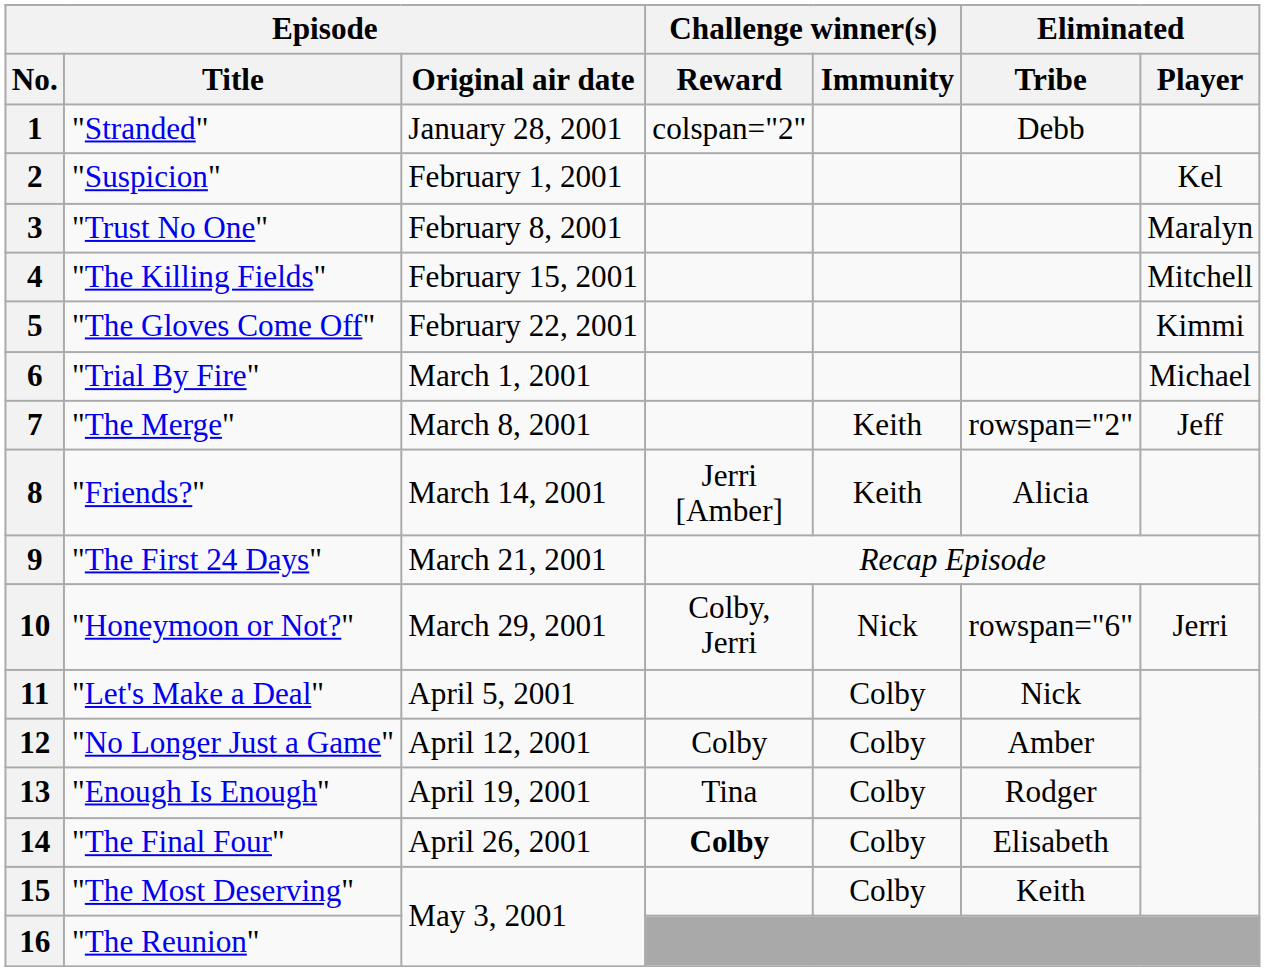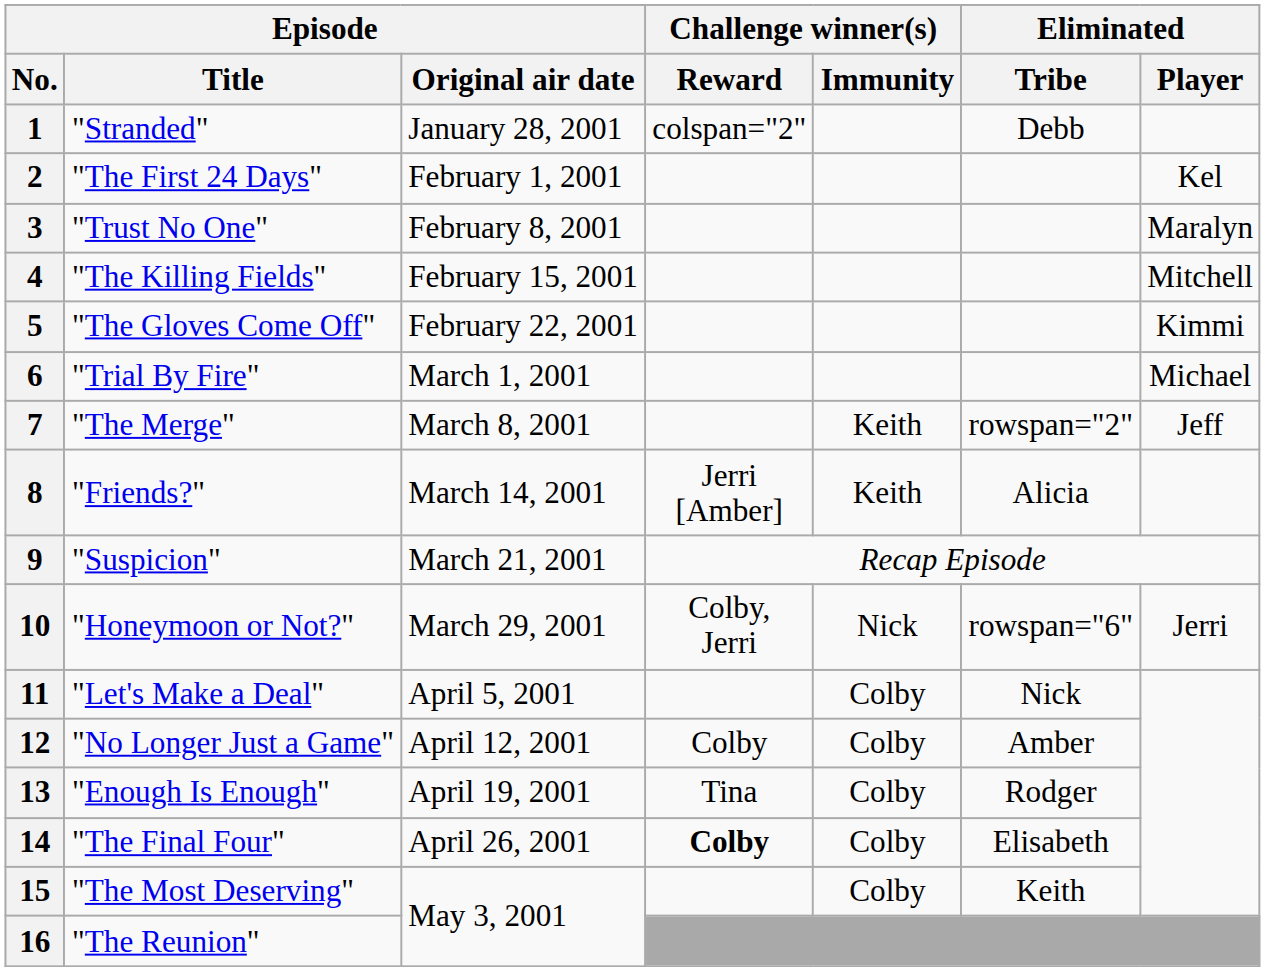 <table class="wikitable nowrap" style="margin:auto; text-align:center;">
 <tr>
 <th scope="colgroup" colspan="3">Episode</th>
 <th scope="colgroup" colspan="2">Challenge winner(s)</th>
 <th scope="colgroup" colspan="2">Eliminated</th>
 </tr>
 <tr>
 <th scope="col">No.</th>
 <th scope="col">Title</th>
 <th scope="col">Original air date</th>
 <th scope="col">Reward</th>
 <th scope="col">Immunity</th>
 <th scope="col">Tribe</th>
 <th scope="col">Player</th>
 </tr>
 <tr>
 <th>1</th>
 <td style="text-align:left;">"<a href='#'>Stranded</a>"</td>
 <td style="text-align:left;">January 28, 2001</td>
 <td>colspan="2" </td>
 <td></td>
 <td>Debb</td>
 </tr>
 <tr>
 <th>2</th>
-<td style="text-align:left;">"<a href='#'>Suspicion</a>"</td>
+<td style="text-align:left;">"<a href='#'>The First 24 Days</a>"</td>
 <td style="text-align:left;">February 1, 2001</td>
 <td></td>
 <td></td>
 <td></td>
 <td>Kel</td>
 </tr>
 <tr>
 <th>3</th>
 <td style="text-align:left;">"<a href='#'>Trust No One</a>"</td>
 <td style="text-align:left;">February 8, 2001</td>
 <td></td>
 <td></td>
 <td></td>
 <td>Maralyn</td>
 </tr>
 <tr>
 <th>4</th>
 <td style="text-align:left;">"<a href='#'>The Killing Fields</a>"</td>
 <td style="text-align:left;">February 15, 2001</td>
 <td></td>
 <td></td>
 <td></td>
 <td>Mitchell</td>
 </tr>
 <tr>
 <th>5</th>
 <td style="text-align:left;">"<a href='#'>The Gloves Come Off</a>"</td>
 <td style="text-align:left;">February 22, 2001</td>
 <td></td>
 <td></td>
 <td></td>
 <td>Kimmi</td>
 </tr>
 <tr>
 <th>6</th>
 <td style="text-align:left;">"<a href='#'>Trial By Fire</a>"</td>
 <td style="text-align:left;">March 1, 2001</td>
 <td></td>
 <td></td>
 <td></td>
 <td>Michael</td>
 </tr>
 <tr>
 <th>7</th>
 <td style="text-align:left;">"<a href='#'>The Merge</a>"</td>
 <td style="text-align:left;">March 8, 2001</td>
 <td></td>
 <td>Keith</td>
 <td>rowspan="2" </td>
 <td>Jeff</td>
 </tr>
 <tr>
 <th>8</th>
 <td style="text-align:left;">"<a href='#'>Friends?</a>"</td>
 <td style="text-align:left;">March 14, 2001</td>
 <td>Jerri<br>[Amber]</td>
 <td>Keith</td>
 <td>Alicia</td>
 </tr>
 <tr>
 <th>9</th>
-<td style="text-align:left;">"<a href='#'>The First 24 Days</a>"</td>
+<td style="text-align:left;">"<a href='#'>Suspicion</a>"</td>
 <td style="text-align:left;">March 21, 2001</td>
 <td colspan="4"><em>Recap Episode</em></td>
 </tr>
 <tr>
 <th>10</th>
 <td style="text-align:left;">"<a href='#'>Honeymoon or Not?</a>"</td>
 <td style="text-align:left;">March 29, 2001</td>
 <td>Colby,<br>Jerri</td>
 <td>Nick</td>
 <td>rowspan="6" </td>
 <td>Jerri</td>
 </tr>
 <tr>
 <th>11</th>
 <td style="text-align:left;">"<a href='#'>Let's Make a Deal</a>"</td>
 <td style="text-align:left;">April 5, 2001</td>
 <td></td>
 <td>Colby</td>
 <td>Nick</td>
 </tr>
 <tr>
 <th>12</th>
 <td style="text-align:left;">"<a href='#'>No Longer Just a Game</a>"</td>
 <td style="text-align:left;">April 12, 2001</td>
 <td>Colby</td>
 <td>Colby</td>
 <td>Amber</td>
 </tr>
 <tr>
 <th>13</th>
 <td style="text-align:left;">"<a href='#'>Enough Is Enough</a>"</td>
 <td style="text-align:left;">April 19, 2001</td>
 <td>Tina</td>
 <td>Colby</td>
 <td>Rodger</td>
 </tr>
 <tr>
 <th>14</th>
 <td style="text-align:left;">"<a href='#'>The Final Four</a>"</td>
 <td style="text-align:left;">April 26, 2001</td>
 <td><strong>Colby</strong></td>
 <td>Colby</td>
 <td>Elisabeth</td>
 </tr>
 <tr>
 <th>15</th>
 <td style="text-align:left;">"<a href='#'>The Most Deserving</a>"</td>
 <td rowspan="2" style="text-align:left;">May 3, 2001</td>
 <td></td>
 <td>Colby</td>
 <td>Keith</td>
 </tr>
 <tr>
 <th>16</th>
 <td style="text-align:left;">"<a href='#'>The Reunion</a>"</td>
 <td colspan="4" style="background-color:darkgrey;"></td>
 </tr>
 </table>
